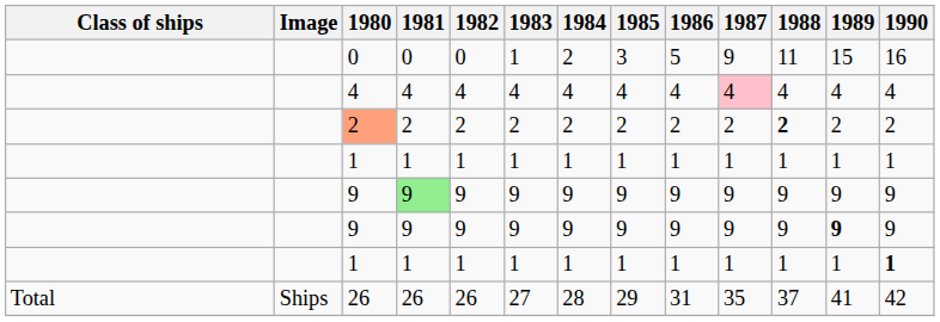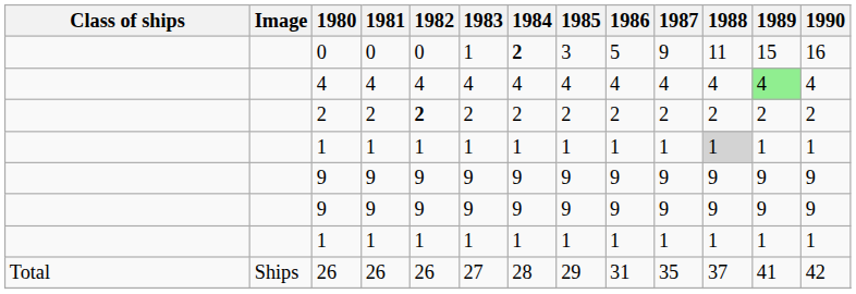 <table class="wikitable sortable collapsible collapsed">
 <tr>
 <th style="width:29%;">Class of ships</th>
 <th>Image</th>
 <th>1980</th>
 <th>1981</th>
 <th>1982</th>
 <th>1983</th>
 <th>1984</th>
 <th>1985</th>
 <th>1986</th>
 <th>1987</th>
 <th>1988</th>
 <th>1989</th>
 <th>1990</th>
 </tr>
 <tr valign="top">
 <td></td>
 <td></td>
 <td>0</td>
 <td>0</td>
 <td>0</td>
 <td>1</td>
-<td>2</td>
+<td><strong>2</strong></td>
 <td>3</td>
 <td>5</td>
 <td>9</td>
 <td>11</td>
 <td>15</td>
 <td>16</td>
 </tr>
 <tr valign="top">
 <td></td>
 <td></td>
 <td>4</td>
 <td>4</td>
 <td>4</td>
 <td>4</td>
 <td>4</td>
 <td>4</td>
 <td>4</td>
-<td style="background: pink;">4</td>
 <td>4</td>
 <td>4</td>
+<td style="background: lightgreen;">4</td>
 <td>4</td>
 </tr>
 <tr valign="top">
 <td></td>
 <td></td>
-<td style="background: lightsalmon;">2</td>
+<td>2</td>
+<td>2</td>
+<td><strong>2</strong></td>
 <td>2</td>
 <td>2</td>
 <td>2</td>
 <td>2</td>
 <td>2</td>
 <td>2</td>
-<td>2</td>
-<td><strong>2</strong></td>
 <td>2</td>
 <td>2</td>
 </tr>
 <tr valign="top">
 <td></td>
 <td></td>
 <td>1</td>
 <td>1</td>
 <td>1</td>
 <td>1</td>
 <td>1</td>
 <td>1</td>
 <td>1</td>
 <td>1</td>
-<td>1</td>
+<td style="background: lightgrey;">1</td>
 <td>1</td>
 <td>1</td>
 </tr>
 <tr valign="top">
 <td></td>
 <td></td>
 <td>9</td>
-<td style="background: lightgreen;">9</td>
+<td>9</td>
 <td>9</td>
 <td>9</td>
 <td>9</td>
 <td>9</td>
 <td>9</td>
 <td>9</td>
 <td>9</td>
 <td>9</td>
 <td>9</td>
 </tr>
 <tr valign="top">
 <td></td>
 <td></td>
 <td>9</td>
 <td>9</td>
 <td>9</td>
 <td>9</td>
 <td>9</td>
 <td>9</td>
 <td>9</td>
 <td>9</td>
 <td>9</td>
-<td><strong>9</strong></td>
+<td>9</td>
 <td>9</td>
 </tr>
 <tr valign="top">
 <td></td>
 <td></td>
 <td>1</td>
 <td>1</td>
 <td>1</td>
 <td>1</td>
 <td>1</td>
 <td>1</td>
 <td>1</td>
 <td>1</td>
 <td>1</td>
 <td>1</td>
-<td><strong>1</strong></td>
+<td>1</td>
 </tr>
 <tr valign="top">
 <td>Total</td>
 <td>Ships</td>
 <td>26</td>
 <td>26</td>
 <td>26</td>
 <td>27</td>
 <td>28</td>
 <td>29</td>
 <td>31</td>
 <td>35</td>
 <td>37</td>
 <td>41</td>
 <td>42</td>
 </tr>
 <tr>
 </tr>
 </table>
